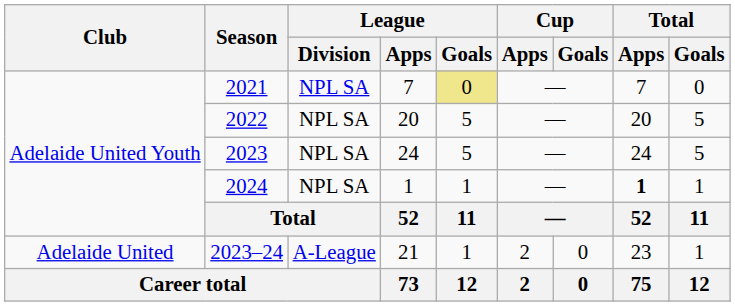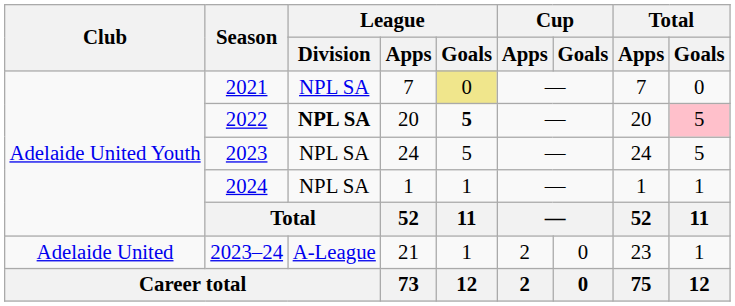 <table class="wikitable" style="text-align: center;">
 <tr>
 <th rowspan="2">Club</th>
 <th rowspan="2">Season</th>
 <th colspan="3">League</th>
 <th colspan="2">Cup</th>
 <th colspan="2">Total</th>
 </tr>
 <tr>
 <th>Division</th>
 <th>Apps</th>
 <th>Goals</th>
 <th>Apps</th>
 <th>Goals</th>
 <th>Apps</th>
 <th>Goals</th>
 </tr>
 <tr>
 <td rowspan=5><a href='#'>Adelaide United Youth</a></td>
 <td><a href='#'>2021</a></td>
 <td><a href='#'>NPL SA</a></td>
 <td>7</td>
 <td style="background: khaki;">0</td>
 <td colspan=2>—</td>
 <td>7</td>
 <td>0</td>
 </tr>
 <tr>
 <td><a href='#'>2022</a></td>
-<td>NPL SA</td>
+<td><strong>NPL SA</strong></td>
 <td>20</td>
-<td>5</td>
+<td><strong>5</strong></td>
 <td colspan=2>—</td>
 <td>20</td>
-<td>5</td>
+<td style="background: pink;">5</td>
 </tr>
 <tr>
 <td><a href='#'>2023</a></td>
 <td>NPL SA</td>
 <td>24</td>
 <td>5</td>
 <td colspan=2>—</td>
 <td>24</td>
 <td>5</td>
 </tr>
 <tr>
 <td><a href='#'>2024</a></td>
 <td>NPL SA</td>
 <td>1</td>
 <td>1</td>
 <td colspan=2>—</td>
-<td><strong>1</strong></td>
+<td>1</td>
 <td>1</td>
 </tr>
 <tr>
 <th colspan=2>Total</th>
 <th>52</th>
 <th>11</th>
 <th colspan=2>—</th>
 <th>52</th>
 <th>11</th>
 </tr>
 <tr>
 <td><a href='#'>Adelaide United</a></td>
 <td><a href='#'>2023–24</a></td>
 <td><a href='#'>A-League</a></td>
 <td>21</td>
 <td>1</td>
 <td>2</td>
 <td>0</td>
 <td>23</td>
 <td>1</td>
 </tr>
 <tr>
 <th colspan=3>Career total</th>
 <th>73</th>
 <th>12</th>
 <th>2</th>
 <th>0</th>
 <th>75</th>
 <th>12</th>
 </tr>
 </table>
